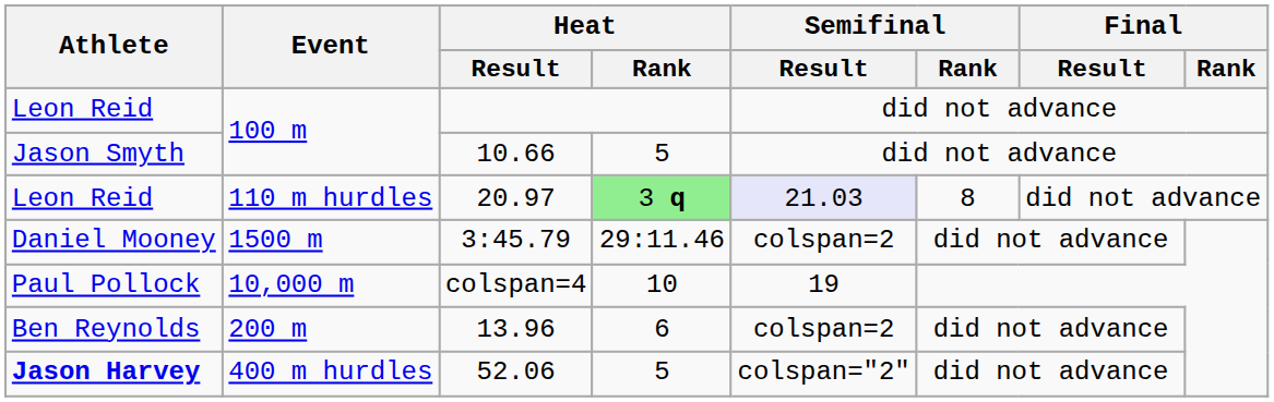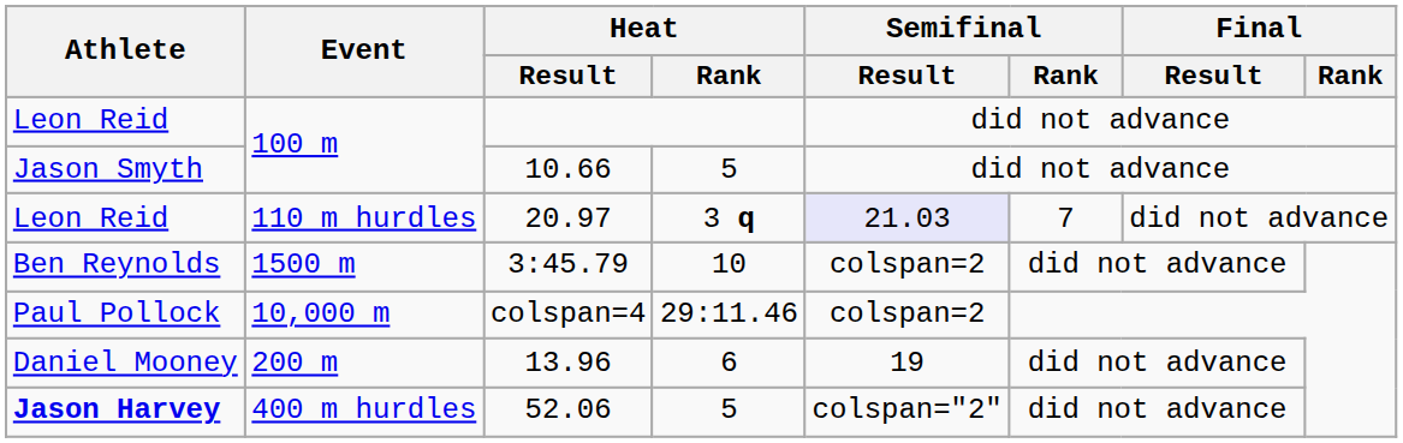 <table class="wikitable" style="font-size:90%">
 <tr>
 <th rowspan=2>Athlete</th>
 <th rowspan=2>Event</th>
 <th colspan=2>Heat</th>
 <th colspan=2>Semifinal</th>
 <th colspan=2>Final</th>
 </tr>
 <tr style="font-size:95%">
 <th>Result</th>
 <th>Rank</th>
 <th>Result</th>
 <th>Rank</th>
 <th>Result</th>
 <th>Rank</th>
 </tr>
 <tr align=center>
 <td align=left><a href='#'>Leon Reid</a></td>
 <td align=left rowspan="2"><a href='#'>100 m</a></td>
 <td colspan=2></td>
 <td colspan=4>did not advance</td>
 </tr>
 <tr align=center>
 <td align=left><a href='#'>Jason Smyth</a></td>
 <td>10.66</td>
 <td>5</td>
 <td colspan=4>did not advance</td>
 </tr>
 <tr align=center>
 <td align=left><a href='#'>Leon Reid</a></td>
 <td align=left><a href='#'>110 m hurdles</a></td>
 <td>20.97</td>
-<td style="background: lightgreen;">3 <strong>q</strong></td>
+<td>3 <strong>q</strong></td>
 <td style="background: lavender;">21.03</td>
-<td>8</td>
+<td>7</td>
 <td colspan=2>did not advance</td>
 </tr>
 <tr align=center>
-<td align=left><a href='#'>Daniel Mooney</a></td>
+<td align=left><a href='#'>Ben Reynolds</a></td>
 <td align=left><a href='#'>1500 m</a></td>
 <td>3:45.79</td>
-<td>29:11.46</td>
+<td>10</td>
 <td>colspan=2 </td>
 <td colspan=2>did not advance</td>
 </tr>
 <tr align=center>
 <td align=left><a href='#'>Paul Pollock</a></td>
 <td align=left><a href='#'>10,000 m</a></td>
 <td>colspan=4 </td>
-<td>10</td>
-<td>19</td>
+<td>29:11.46</td>
+<td>colspan=2 </td>
 </tr>
 <tr align=center>
-<td align=left><a href='#'>Ben Reynolds</a></td>
+<td align=left><a href='#'>Daniel Mooney</a></td>
 <td align=left><a href='#'>200 m</a></td>
 <td>13.96</td>
 <td>6</td>
-<td>colspan=2 </td>
+<td>19</td>
 <td colspan=2>did not advance</td>
 </tr>
 <tr align=center>
 <td align=left><strong><a href='#'>Jason Harvey</a></strong></td>
 <td align=left><a href='#'>400 m hurdles</a></td>
 <td>52.06</td>
 <td>5</td>
 <td>colspan="2" </td>
 <td colspan=2>did not advance</td>
 </tr>
 </table>
